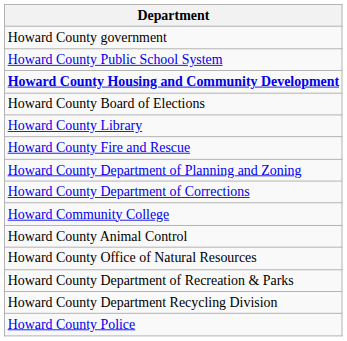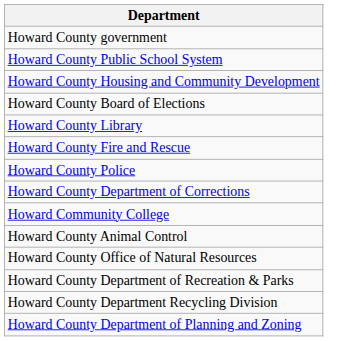 <table class="wikitable">
 <tr>
 <th>Department</th>
 </tr>
 <tr>
 <td>Howard County government</td>
 </tr>
 <tr>
 <td><a href='#'>Howard County Public School System</a></td>
 </tr>
 <tr>
-<td><strong><a href='#'>Howard County Housing and Community Development</a></strong></td>
+<td><a href='#'>Howard County Housing and Community Development</a></td>
 </tr>
 <tr>
 <td>Howard County Board of Elections</td>
 </tr>
 <tr>
 <td><a href='#'>Howard County Library</a></td>
 </tr>
 <tr>
 <td><a href='#'>Howard County Fire and Rescue</a></td>
 </tr>
 <tr>
-<td><a href='#'>Howard County Department of Planning and Zoning</a></td>
+<td><a href='#'>Howard County Police</a></td>
 </tr>
 <tr>
 <td><a href='#'>Howard County Department of Corrections</a></td>
 </tr>
 <tr>
 <td><a href='#'>Howard Community College</a></td>
 </tr>
 <tr>
 <td>Howard County Animal Control</td>
 </tr>
 <tr>
 <td>Howard County Office of Natural Resources</td>
 </tr>
 <tr>
 <td>Howard County Department of Recreation & Parks</td>
 </tr>
 <tr>
 <td>Howard County Department Recycling Division</td>
 </tr>
 <tr>
-<td><a href='#'>Howard County Police</a></td>
+<td><a href='#'>Howard County Department of Planning and Zoning</a></td>
 </tr>
 </table>
